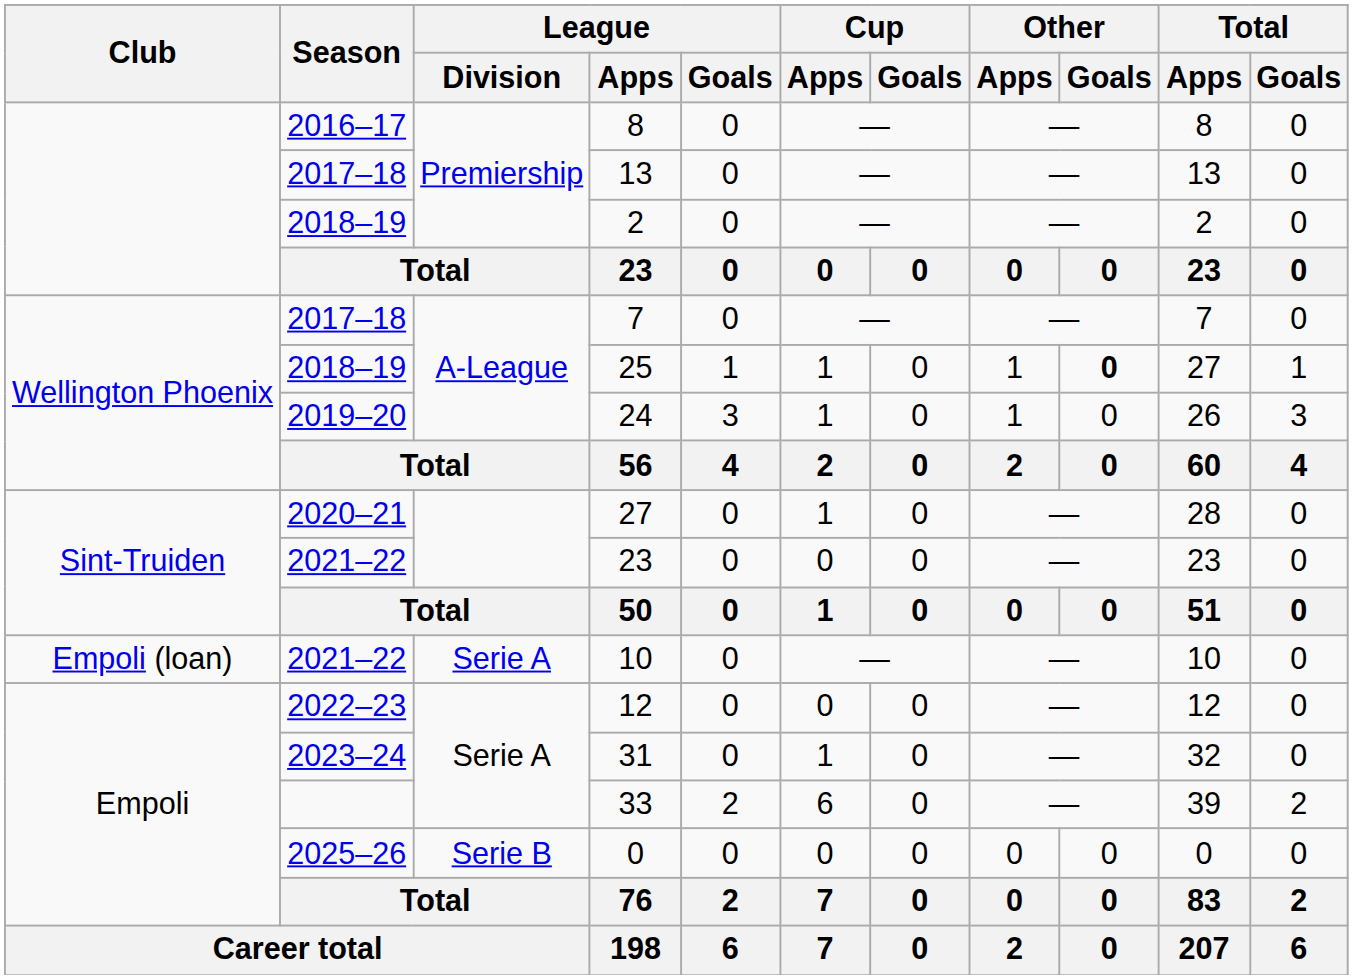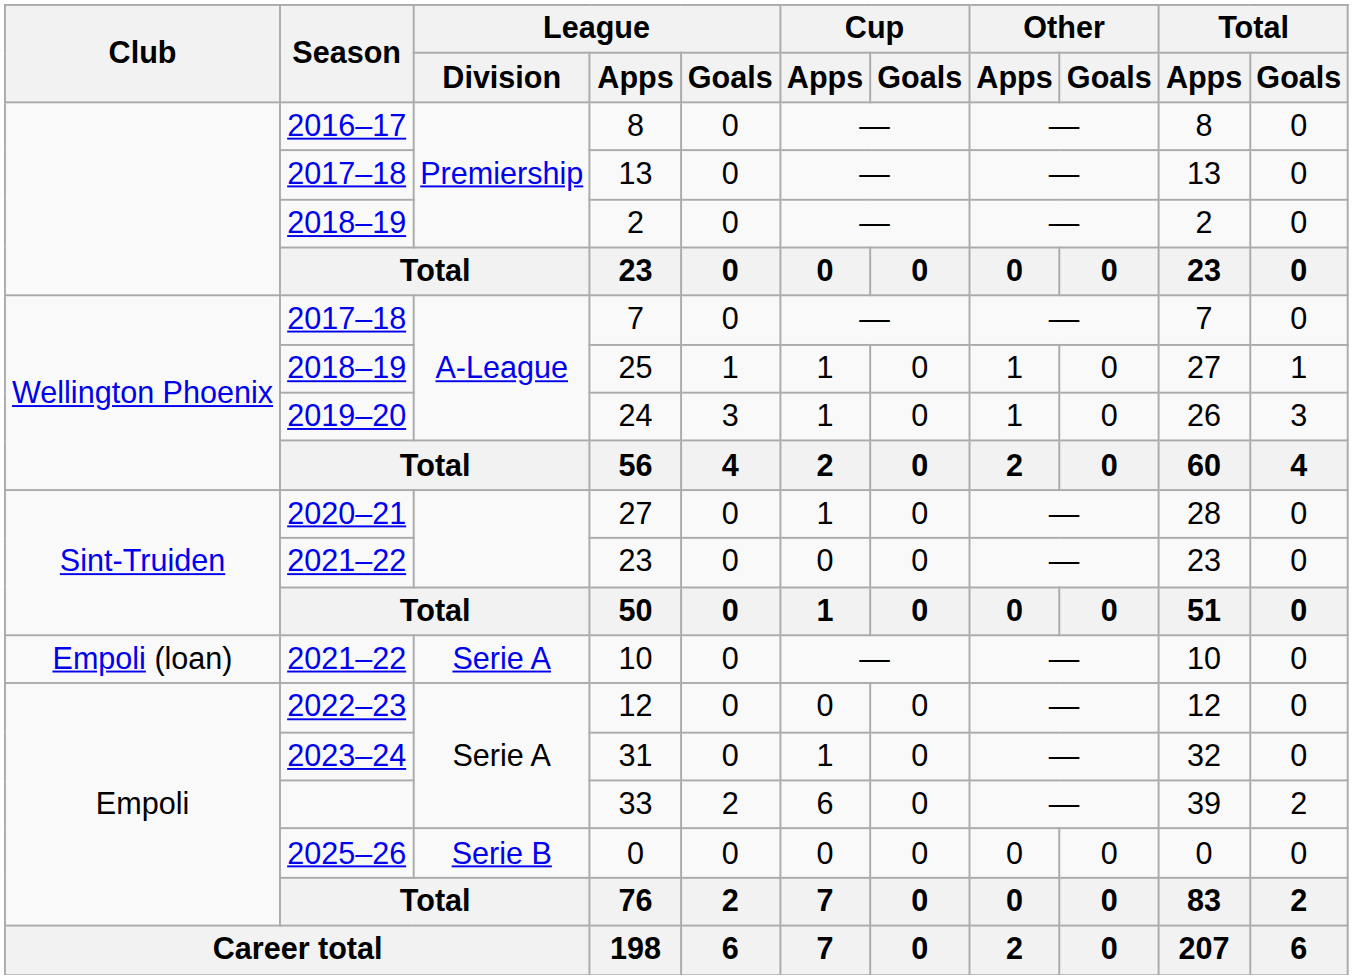 <table class="wikitable" style="text-align:center">
 <tr>
 <th rowspan="2">Club</th>
 <th rowspan="2">Season</th>
 <th colspan="3">League</th>
 <th colspan="2">Cup</th>
 <th colspan="2">Other</th>
 <th colspan="2">Total</th>
 </tr>
 <tr>
 <th>Division</th>
 <th>Apps</th>
 <th>Goals</th>
 <th>Apps</th>
 <th>Goals</th>
 <th>Apps</th>
 <th>Goals</th>
 <th>Apps</th>
 <th>Goals</th>
 </tr>
 <tr>
 <td rowspan="4"></td>
 <td><a href='#'>2016–17</a></td>
 <td rowspan="3"><a href='#'>Premiership</a></td>
 <td>8</td>
 <td>0</td>
 <td colspan="2">—</td>
 <td colspan="2">—</td>
 <td>8</td>
 <td>0</td>
 </tr>
 <tr>
 <td><a href='#'>2017–18</a></td>
 <td>13</td>
 <td>0</td>
 <td colspan="2">—</td>
 <td colspan="2">—</td>
 <td>13</td>
 <td>0</td>
 </tr>
 <tr>
 <td><a href='#'>2018–19</a></td>
 <td>2</td>
 <td>0</td>
 <td colspan="2">—</td>
 <td colspan="2">—</td>
 <td>2</td>
 <td>0</td>
 </tr>
 <tr>
 <th colspan="2">Total</th>
 <th>23</th>
 <th>0</th>
 <th>0</th>
 <th>0</th>
 <th>0</th>
 <th>0</th>
 <th>23</th>
 <th>0</th>
 </tr>
 <tr>
 <td rowspan="4"><a href='#'>Wellington Phoenix</a></td>
 <td><a href='#'>2017–18</a></td>
 <td rowspan="3"><a href='#'>A-League</a></td>
 <td>7</td>
 <td>0</td>
 <td colspan="2">—</td>
 <td colspan="2">—</td>
 <td>7</td>
 <td>0</td>
 </tr>
 <tr>
 <td><a href='#'>2018–19</a></td>
 <td>25</td>
 <td>1</td>
 <td>1</td>
 <td>0</td>
 <td>1</td>
-<td><strong>0</strong></td>
+<td>0</td>
 <td>27</td>
 <td>1</td>
 </tr>
 <tr>
 <td><a href='#'>2019–20</a></td>
 <td>24</td>
 <td>3</td>
 <td>1</td>
 <td>0</td>
 <td>1</td>
 <td>0</td>
 <td>26</td>
 <td>3</td>
 </tr>
 <tr>
 <th colspan="2">Total</th>
 <th>56</th>
 <th>4</th>
 <th>2</th>
 <th>0</th>
 <th>2</th>
 <th>0</th>
 <th>60</th>
 <th>4</th>
 </tr>
 <tr>
 <td rowspan="3"><a href='#'>Sint-Truiden</a></td>
 <td><a href='#'>2020–21</a></td>
 <td rowspan="2"></td>
 <td>27</td>
 <td>0</td>
 <td>1</td>
 <td>0</td>
 <td colspan="2">—</td>
 <td>28</td>
 <td>0</td>
 </tr>
 <tr>
 <td><a href='#'>2021–22</a></td>
 <td>23</td>
 <td>0</td>
 <td>0</td>
 <td>0</td>
 <td colspan="2">—</td>
 <td>23</td>
 <td>0</td>
 </tr>
 <tr>
 <th colspan="2">Total</th>
 <th>50</th>
 <th>0</th>
 <th>1</th>
 <th>0</th>
 <th>0</th>
 <th>0</th>
 <th>51</th>
 <th>0</th>
 </tr>
 <tr>
 <td><a href='#'>Empoli</a> (loan)</td>
 <td><a href='#'>2021–22</a></td>
 <td><a href='#'>Serie A</a></td>
 <td>10</td>
 <td>0</td>
 <td colspan="2">—</td>
 <td colspan="2">—</td>
 <td>10</td>
 <td>0</td>
 </tr>
 <tr>
 <td rowspan="5">Empoli</td>
 <td><a href='#'>2022–23</a></td>
 <td rowspan=3>Serie A</td>
 <td>12</td>
 <td>0</td>
 <td>0</td>
 <td>0</td>
 <td colspan="2">—</td>
 <td>12</td>
 <td>0</td>
 </tr>
 <tr>
 <td><a href='#'>2023–24</a></td>
 <td>31</td>
 <td>0</td>
 <td>1</td>
 <td>0</td>
 <td colspan="2">—</td>
 <td>32</td>
 <td>0</td>
 </tr>
 <tr>
 <td></td>
 <td>33</td>
 <td>2</td>
 <td>6</td>
 <td>0</td>
 <td colspan="2">—</td>
 <td>39</td>
 <td>2</td>
 </tr>
 <tr>
 <td><a href='#'>2025–26</a></td>
 <td><a href='#'>Serie B</a></td>
 <td>0</td>
 <td>0</td>
 <td>0</td>
 <td>0</td>
 <td>0</td>
 <td>0</td>
 <td>0</td>
 <td>0</td>
 </tr>
 <tr>
 <th colspan="2">Total</th>
 <th>76</th>
 <th>2</th>
 <th>7</th>
 <th>0</th>
 <th>0</th>
 <th>0</th>
 <th>83</th>
 <th>2</th>
 </tr>
 <tr>
 <th colspan="3">Career total</th>
 <th>198</th>
 <th>6</th>
 <th>7</th>
 <th>0</th>
 <th>2</th>
 <th>0</th>
 <th>207</th>
 <th>6</th>
 </tr>
 </table>
